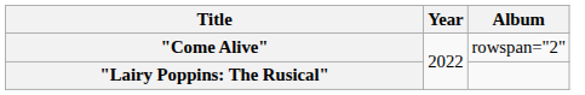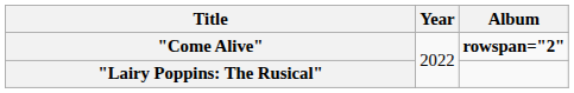 <table class="wikitable plainrowheaders" style="text-align:center;">
 <tr>
 <th style="width:23em;">Title</th>
 <th>Year</th>
 <th>Album</th>
 </tr>
 <tr>
 <th scope="row">"Come Alive" </th>
 <td rowspan="2">2022</td>
-<td>rowspan="2" </td>
+<td><strong>rowspan="2" </strong></td>
 </tr>
 <tr>
 <th scope="row">"Lairy Poppins: The Rusical"<br></th>
 </tr>
 </table>
